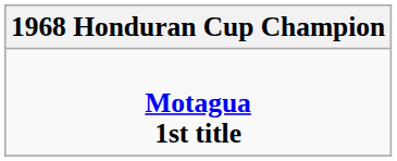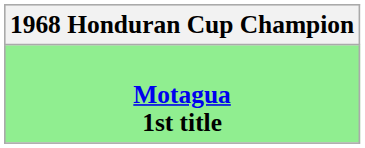 <table class="wikitable" style="text-align:center; margin:0 auto;">
 <tr>
 <th>1968 Honduran Cup Champion</th>
 </tr>
 <tr>
-<td style="text-align:center;"><br><strong><a href='#'>Motagua</a><br>1st title</strong></td>
+<td style="background: lightgreen; text-align:center;"><br><strong><a href='#'>Motagua</a><br>1st title</strong></td>
 </tr>
 </table>
